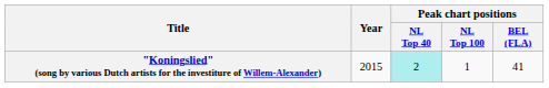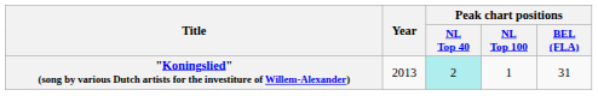 <table class="wikitable plainrowheaders" style="text-align:center;" border="1">
 <tr>
 <th scope="col" rowspan="2" style="width:30em;">Title</th>
 <th scope="col" rowspan="2" style="width:3em;">Year</th>
 <th scope="col" colspan="3">Peak chart positions</th>
 </tr>
 <tr>
 <th scope="col" style="width:4.5em;font-size:90%;"><a href='#'>NL<br>Top 40</a><br></th>
 <th scope="col" style="width:4.5em;font-size:90%;"><a href='#'>NL<br>Top 100</a><br></th>
 <th scope="col" style="width:4.5em;font-size:90%;"><a href='#'>BEL<br>(FLA)</a><br></th>
 </tr>
 <tr>
 <th scope="row">"<a href='#'>Koningslied</a>"<br><small>(song by various Dutch artists for the investiture of <a href='#'>Willem-Alexander</a>)</small></th>
-<td>2015</td>
+<td>2013</td>
 <td style="background: paleturquoise;">2</td>
 <td>1</td>
-<td>41</td>
+<td>31</td>
 </tr>
 </table>
